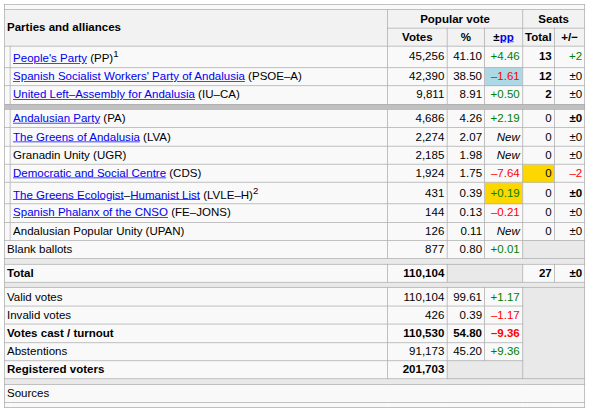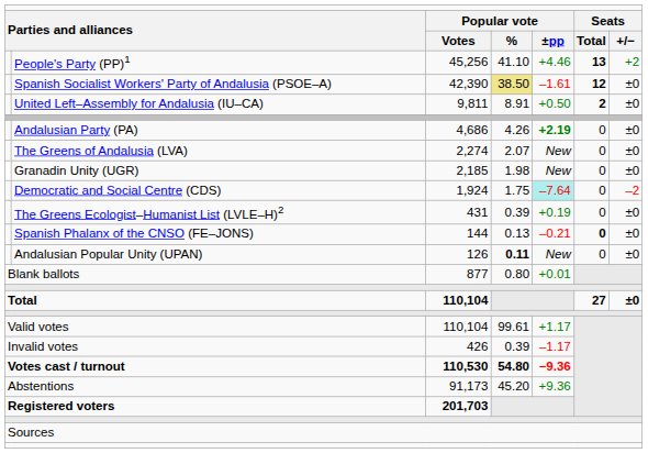 <table class="wikitable" style="text-align:right;">
 <tr>
 <td colspan="7"></td>
 </tr>
 <tr>
 <th style="text-align:left;" rowspan="2" colspan="2" width="525">Parties and alliances</th>
 <th colspan="3">Popular vote</th>
 <th colspan="2">Seats</th>
 </tr>
 <tr>
 <th width="75">Votes</th>
 <th width="45">%</th>
 <th width="45">±<a href='#'>pp</a></th>
 <th width="35">Total</th>
 <th width="35">+/−</th>
 </tr>
 <tr>
 <td width="1" style="color:inherit;background:"></td>
 <td align="left"><a href='#'>People's Party</a> (PP)<sup>1</sup></td>
 <td>45,256</td>
 <td>41.10</td>
 <td style="color:green;">+4.46</td>
 <td><strong>13</strong></td>
 <td style="color:green;">+2</td>
 </tr>
 <tr>
 <td style="color:inherit;background:"></td>
 <td align="left"><a href='#'>Spanish Socialist Workers' Party of Andalusia</a> (PSOE–A)</td>
 <td>42,390</td>
-<td>38.50</td>
-<td style="background: lightblue; color:red;">–1.61</td>
+<td style="background: khaki;">38.50</td>
+<td style="color:red;">–1.61</td>
 <td><strong>12</strong></td>
 <td>±0</td>
 </tr>
 <tr>
 <td style="color:inherit;background:"></td>
 <td align="left"><a href='#'>United Left–Assembly for Andalusia</a> (IU–CA)</td>
 <td>9,811</td>
 <td>8.91</td>
 <td style="color:green;">+0.50</td>
 <td><strong>2</strong></td>
 <td>±0</td>
 </tr>
 <tr>
 <td colspan="7" bgcolor="#C0C0C0"></td>
 </tr>
 <tr>
 <td style="color:inherit;background:"></td>
 <td align="left"><a href='#'>Andalusian Party</a> (PA)</td>
 <td>4,686</td>
 <td>4.26</td>
-<td style="color:green;">+2.19</td>
+<td style="color:green;"><strong>+2.19</strong></td>
 <td>0</td>
-<td><strong>±0</strong></td>
+<td>±0</td>
 </tr>
 <tr>
 <td style="color:inherit;background:"></td>
 <td align="left"><a href='#'>The Greens of Andalusia</a> (LVA)</td>
 <td>2,274</td>
 <td>2.07</td>
 <td><em>New</em></td>
 <td>0</td>
 <td>±0</td>
 </tr>
 <tr>
 <td bgcolor="white"></td>
 <td align="left">Granadin Unity (UGR)</td>
 <td>2,185</td>
 <td>1.98</td>
 <td><em>New</em></td>
 <td>0</td>
 <td>±0</td>
 </tr>
 <tr>
 <td style="color:inherit;background:"></td>
 <td align="left"><a href='#'>Democratic and Social Centre</a> (CDS)</td>
 <td>1,924</td>
 <td>1.75</td>
-<td style="color:red;">–7.64</td>
-<td style="background: gold;">0</td>
+<td style="background: paleturquoise; color:red;">–7.64</td>
+<td>0</td>
 <td style="color:red;">–2</td>
 </tr>
 <tr>
 <td style="color:inherit;background:"></td>
 <td align="left"><a href='#'>The Greens Ecologist</a>–<a href='#'>Humanist List</a> (LVLE–H)<sup>2</sup></td>
 <td>431</td>
 <td>0.39</td>
-<td style="background: gold; color:green;">+0.19</td>
+<td style="color:green;">+0.19</td>
 <td>0</td>
-<td><strong>±0</strong></td>
+<td>±0</td>
 </tr>
 <tr>
 <td style="color:inherit;background:"></td>
 <td align="left"><a href='#'>Spanish Phalanx of the CNSO</a> (FE–JONS)</td>
 <td>144</td>
 <td>0.13</td>
 <td style="color:red;">–0.21</td>
-<td>0</td>
+<td><strong>0</strong></td>
 <td>±0</td>
 </tr>
 <tr>
 <td style="color:inherit;background:"></td>
 <td align="left">Andalusian Popular Unity (UPAN)</td>
 <td>126</td>
-<td>0.11</td>
+<td><strong>0.11</strong></td>
 <td><em>New</em></td>
 <td>0</td>
 <td>±0</td>
 </tr>
 <tr>
 <td align="left" colspan="2">Blank ballots</td>
 <td>877</td>
 <td>0.80</td>
 <td style="color:green;">+0.01</td>
 <td bgcolor="#E9E9E9" colspan="2"></td>
 </tr>
 <tr>
 <td colspan="7" bgcolor="#E9E9E9"></td>
 </tr>
 <tr style="font-weight:bold;">
 <td align="left" colspan="2">Total</td>
 <td>110,104</td>
 <td bgcolor="#E9E9E9" colspan="2"></td>
 <td>27</td>
 <td>±0</td>
 </tr>
 <tr>
 <td colspan="7" bgcolor="#E9E9E9"></td>
 </tr>
 <tr>
 <td align="left" colspan="2">Valid votes</td>
 <td>110,104</td>
 <td>99.61</td>
 <td style="color:green;">+1.17</td>
 <td bgcolor="#E9E9E9" colspan="2" rowspan="5"></td>
 </tr>
 <tr>
 <td align="left" colspan="2">Invalid votes</td>
 <td>426</td>
 <td>0.39</td>
 <td style="color:red;">–1.17</td>
 </tr>
 <tr style="font-weight:bold;">
 <td align="left" colspan="2">Votes cast / turnout</td>
 <td>110,530</td>
 <td>54.80</td>
 <td style="color:red;">–9.36</td>
 </tr>
 <tr>
 <td align="left" colspan="2">Abstentions</td>
 <td>91,173</td>
 <td>45.20</td>
 <td style="color:green;">+9.36</td>
 </tr>
 <tr style="font-weight:bold;">
 <td align="left" colspan="2">Registered voters</td>
 <td>201,703</td>
 <td bgcolor="#E9E9E9" colspan="2"></td>
 </tr>
 <tr>
 <td colspan="7" bgcolor="#E9E9E9"></td>
 </tr>
 <tr>
 <td align="left" colspan="7">Sources</td>
 </tr>
 <tr>
 <td colspan="7" style="text-align:left; max-width:790px;"></td>
 </tr>
 </table>
